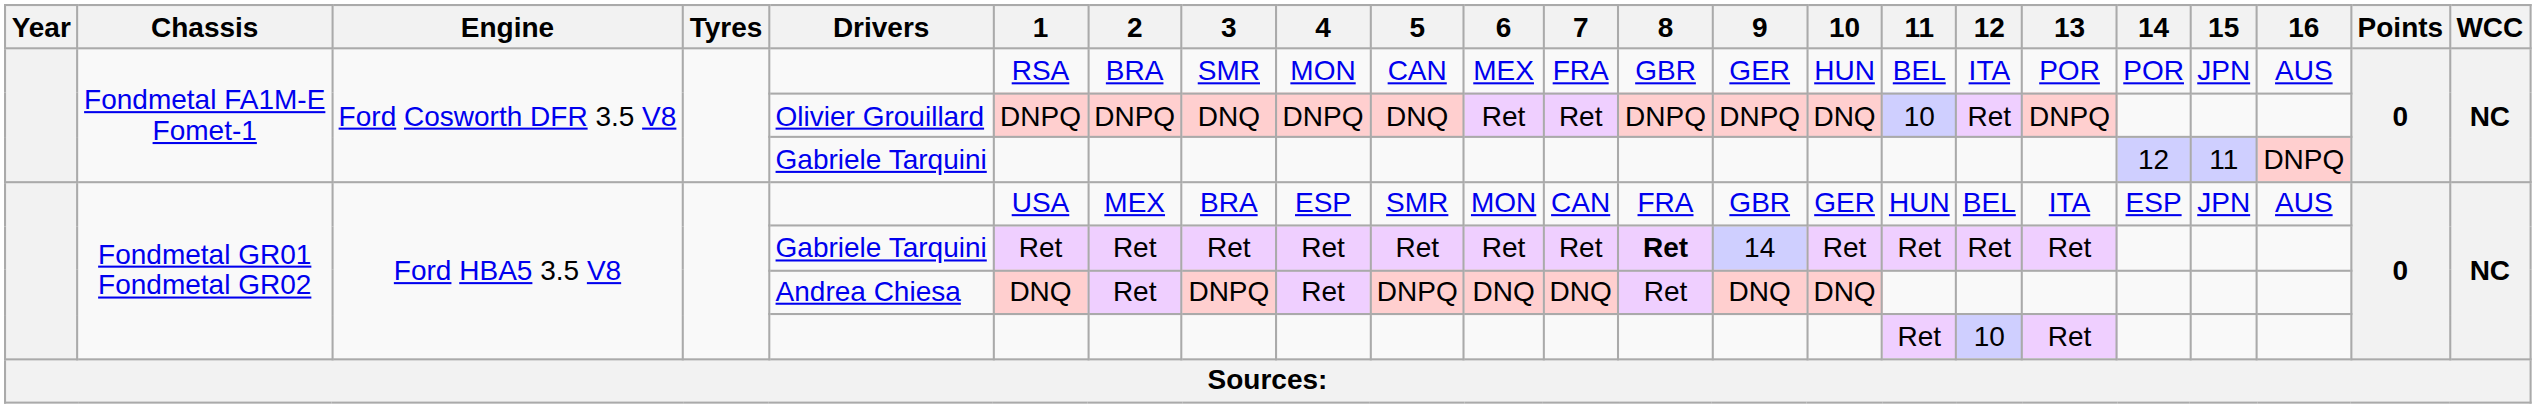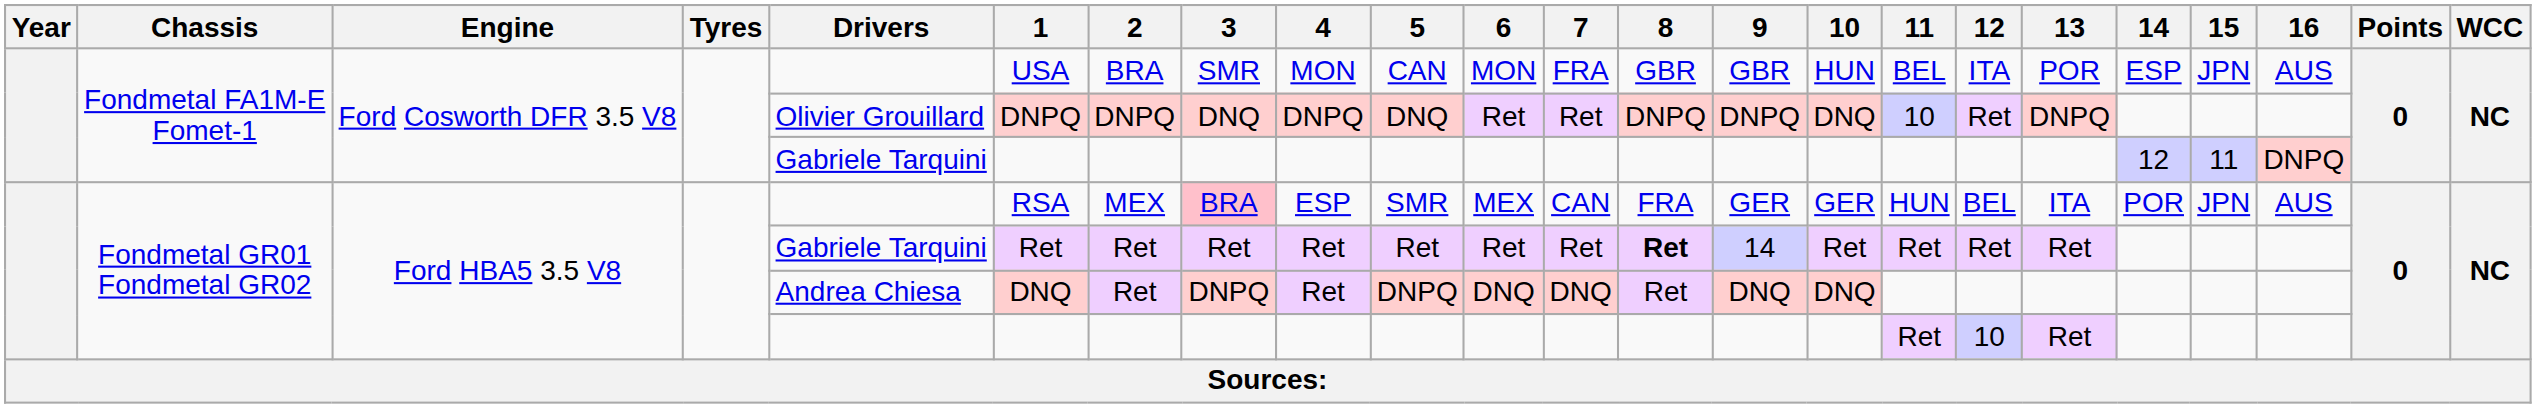 <table class="wikitable" style="text-align:center; font-size:85%">
 <tr>
 <th>Year</th>
 <th>Chassis</th>
 <th>Engine</th>
 <th>Tyres</th>
 <th>Drivers</th>
 <th>1</th>
 <th>2</th>
 <th>3</th>
 <th>4</th>
 <th>5</th>
 <th>6</th>
 <th>7</th>
 <th>8</th>
 <th>9</th>
 <th>10</th>
 <th>11</th>
 <th>12</th>
 <th>13</th>
 <th>14</th>
 <th>15</th>
 <th>16</th>
 <th>Points</th>
 <th>WCC</th>
 </tr>
 <tr>
 <th rowspan="3"></th>
 <td rowspan="3"><a href='#'>Fondmetal FA1M-E</a><br><a href='#'>Fomet-1</a></td>
 <td rowspan="3"><a href='#'>Ford</a> <a href='#'>Cosworth DFR</a> 3.5 <a href='#'>V8</a></td>
 <td rowspan="3"></td>
 <td></td>
-<td><a href='#'>RSA</a></td>
+<td><a href='#'>USA</a></td>
 <td><a href='#'>BRA</a></td>
 <td><a href='#'>SMR</a></td>
 <td><a href='#'>MON</a></td>
 <td><a href='#'>CAN</a></td>
-<td><a href='#'>MEX</a></td>
+<td><a href='#'>MON</a></td>
 <td><a href='#'>FRA</a></td>
 <td><a href='#'>GBR</a></td>
-<td><a href='#'>GER</a></td>
+<td><a href='#'>GBR</a></td>
 <td><a href='#'>HUN</a></td>
 <td><a href='#'>BEL</a></td>
 <td><a href='#'>ITA</a></td>
 <td><a href='#'>POR</a></td>
-<td><a href='#'>POR</a></td>
+<td><a href='#'>ESP</a></td>
 <td><a href='#'>JPN</a></td>
 <td><a href='#'>AUS</a></td>
 <th rowspan="3">0</th>
 <th rowspan="3">NC</th>
 </tr>
 <tr>
 <td align="left"> <a href='#'>Olivier Grouillard</a></td>
 <td style="background:#FFCFCF;">DNPQ</td>
 <td style="background:#FFCFCF;">DNPQ</td>
 <td style="background:#FFCFCF;">DNQ</td>
 <td style="background:#FFCFCF;">DNPQ</td>
 <td style="background:#FFCFCF;">DNQ</td>
 <td style="background:#EFCFFF;">Ret</td>
 <td style="background:#EFCFFF;">Ret</td>
 <td style="background:#FFCFCF;">DNPQ</td>
 <td style="background:#FFCFCF;">DNPQ</td>
 <td style="background:#FFCFCF;">DNQ</td>
 <td style="background:#CFCFFF;">10</td>
 <td style="background:#EFCFFF;">Ret</td>
 <td style="background:#FFCFCF;">DNPQ</td>
 <td></td>
 <td></td>
 <td></td>
 </tr>
 <tr>
 <td align="left"> <a href='#'>Gabriele Tarquini</a></td>
 <td></td>
 <td></td>
 <td></td>
 <td></td>
 <td></td>
 <td></td>
 <td></td>
 <td></td>
 <td></td>
 <td></td>
 <td></td>
 <td></td>
 <td></td>
 <td style="background:#CFCFFF;">12</td>
 <td style="background:#CFCFFF;">11</td>
 <td style="background:#FFCFCF;">DNPQ</td>
 </tr>
 <tr>
 <th rowspan="4"></th>
 <td rowspan="4"><a href='#'>Fondmetal GR01</a><br><a href='#'>Fondmetal GR02</a></td>
 <td rowspan="4"><a href='#'>Ford</a> <a href='#'>HBA5</a> 3.5 <a href='#'>V8</a></td>
 <td rowspan="4"></td>
 <td></td>
-<td><a href='#'>USA</a></td>
+<td><a href='#'>RSA</a></td>
 <td><a href='#'>MEX</a></td>
-<td><a href='#'>BRA</a></td>
+<td style="background: pink;"><a href='#'>BRA</a></td>
 <td><a href='#'>ESP</a></td>
 <td><a href='#'>SMR</a></td>
-<td><a href='#'>MON</a></td>
+<td><a href='#'>MEX</a></td>
 <td><a href='#'>CAN</a></td>
 <td><a href='#'>FRA</a></td>
-<td><a href='#'>GBR</a></td>
+<td><a href='#'>GER</a></td>
 <td><a href='#'>GER</a></td>
 <td><a href='#'>HUN</a></td>
 <td><a href='#'>BEL</a></td>
 <td><a href='#'>ITA</a></td>
-<td><a href='#'>ESP</a></td>
+<td><a href='#'>POR</a></td>
 <td><a href='#'>JPN</a></td>
 <td><a href='#'>AUS</a></td>
 <th rowspan="4">0</th>
 <th rowspan="4">NC</th>
 </tr>
 <tr>
 <td align="left"> <a href='#'>Gabriele Tarquini</a></td>
 <td style="background:#EFCFFF;">Ret</td>
 <td style="background:#EFCFFF;">Ret</td>
 <td style="background:#EFCFFF;">Ret</td>
 <td style="background:#EFCFFF;">Ret</td>
 <td style="background:#EFCFFF;">Ret</td>
 <td style="background:#EFCFFF;">Ret</td>
 <td style="background:#EFCFFF;">Ret</td>
 <td style="background:#EFCFFF;"><strong>Ret</strong></td>
 <td style="background:#CFCFFF;">14</td>
 <td style="background:#EFCFFF;">Ret</td>
 <td style="background:#EFCFFF;">Ret</td>
 <td style="background:#EFCFFF;">Ret</td>
 <td style="background:#EFCFFF;">Ret</td>
 <td></td>
 <td></td>
 <td></td>
 </tr>
 <tr>
 <td align="left"> <a href='#'>Andrea Chiesa</a></td>
 <td style="background:#FFCFCF;">DNQ</td>
 <td style="background:#EFCFFF;">Ret</td>
 <td style="background:#FFCFCF;">DNPQ</td>
 <td style="background:#EFCFFF;">Ret</td>
 <td style="background:#FFCFCF;">DNPQ</td>
 <td style="background:#FFCFCF;">DNQ</td>
 <td style="background:#FFCFCF;">DNQ</td>
 <td style="background:#EFCFFF;">Ret</td>
 <td style="background:#FFCFCF;">DNQ</td>
 <td style="background:#FFCFCF;">DNQ</td>
 <td></td>
 <td></td>
 <td></td>
 <td></td>
 <td></td>
 <td></td>
 </tr>
 <tr>
 <td align="left"></td>
 <td></td>
 <td></td>
 <td></td>
 <td></td>
 <td></td>
 <td></td>
 <td></td>
 <td></td>
 <td></td>
 <td></td>
 <td style="background:#EFCFFF;">Ret</td>
 <td style="background:#CFCFFF;">10</td>
 <td style="background:#EFCFFF;">Ret</td>
 <td></td>
 <td></td>
 <td></td>
 </tr>
 <tr>
 <th colspan="23">Sources:</th>
 </tr>
 </table>
